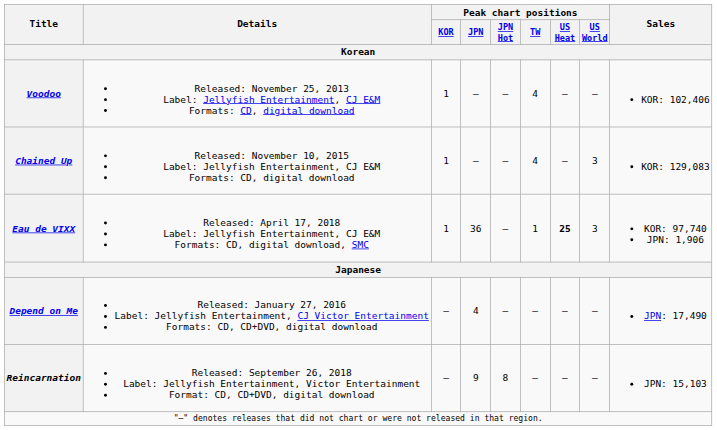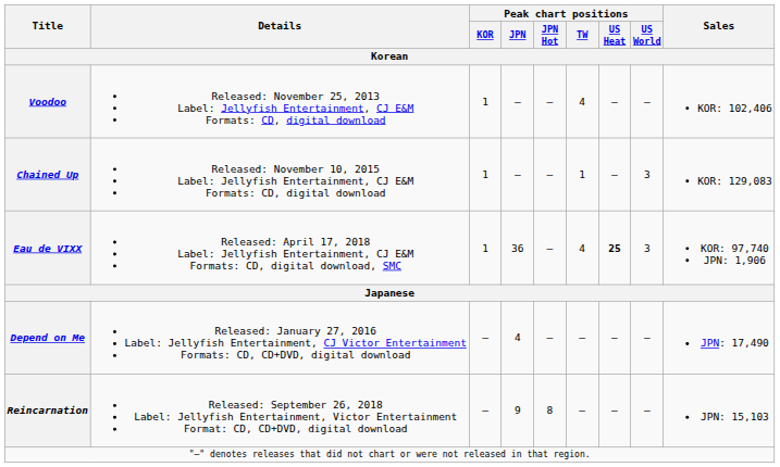 <table class="wikitable plainrowheaders" style="text-align:center;">
 <tr>
 <th scope="col" rowspan="2">Title</th>
 <th scope="col" rowspan="2">Details</th>
 <th scope="col" colspan="6">Peak chart positions</th>
 <th scope="col" rowspan="2">Sales</th>
 </tr>
 <tr>
 <th scope="col" style="width:3em;font-size:90%;"><a href='#'>KOR</a><br></th>
 <th scope="col" style="width:3em;font-size:90%"><a href='#'>JPN</a><br></th>
 <th scope="col" style="width:3em;font-size:90%;"><a href='#'>JPN<br>Hot</a><br></th>
 <th scope="col" style="width:3em;font-size:90%;"><a href='#'>TW</a><br></th>
 <th scope="col" style="width:3em;font-size:90%;"><a href='#'>US<br>Heat</a><br></th>
 <th scope="col" style="width:3em;font-size:90%;"><a href='#'>US<br>World</a><br></th>
 </tr>
 <tr>
 <th colspan="10">Korean</th>
 </tr>
 <tr>
 <th scope="row"><em><a href='#'>Voodoo</a></em></th>
 <td><br><ul><li>Released: November 25, 2013</li><li>Label: <a href='#'>Jellyfish Entertainment</a>, <a href='#'>CJ E&M</a></li><li>Formats: <a href='#'>CD</a>, <a href='#'>digital download</a></li></ul></td>
 <td>1</td>
 <td>—</td>
 <td>—</td>
 <td>4</td>
 <td>—</td>
 <td>—</td>
 <td><br><ul><li>KOR: 102,406</li></ul></td>
 </tr>
 <tr>
 <th scope="row"><em><a href='#'>Chained Up</a></em></th>
 <td><br><ul><li>Released: November 10, 2015</li><li>Label: Jellyfish Entertainment, CJ E&M</li><li>Formats: CD, digital download</li></ul></td>
 <td>1</td>
 <td>—</td>
 <td>—</td>
-<td>4</td>
+<td>1</td>
 <td>—</td>
 <td>3</td>
 <td><br><ul><li>KOR: 129,083</li></ul></td>
 </tr>
 <tr>
 <th scope="row"><em><a href='#'>Eau de VIXX</a></em></th>
 <td><br><ul><li>Released: April 17, 2018</li><li>Label: Jellyfish Entertainment, CJ E&M</li><li>Formats: CD, digital download, <a href='#'>SMC</a></li></ul></td>
 <td>1</td>
 <td>36</td>
 <td>—</td>
-<td>1</td>
+<td>4</td>
 <td><strong>25</strong></td>
 <td>3</td>
 <td><br><ul><li>KOR: 97,740</li><li>JPN: 1,906</li></ul></td>
 </tr>
 <tr>
 <th colspan="10">Japanese</th>
 </tr>
 <tr>
 <th scope="row"><em><a href='#'>Depend on Me</a></em></th>
 <td><br><ul><li>Released: January 27, 2016</li><li>Label: Jellyfish Entertainment, <a href='#'>CJ Victor Entertainment</a></li><li>Formats: CD, CD+DVD, digital download</li></ul></td>
 <td>—</td>
 <td>4</td>
 <td>—</td>
 <td>—</td>
 <td>—</td>
 <td>—</td>
 <td><br><ul><li><a href='#'>JPN</a>: 17,490</li></ul></td>
 </tr>
 <tr>
 <th scope="row"><em>Reincarnation</em></th>
 <td><br><ul><li>Released: September 26, 2018</li><li>Label: Jellyfish Entertainment, Victor Entertainment</li><li>Format: CD, CD+DVD, digital download</li></ul></td>
 <td>—</td>
 <td>9</td>
 <td>8</td>
 <td>—</td>
 <td>—</td>
 <td>—</td>
 <td><br><ul><li>JPN: 15,103</li></ul></td>
 </tr>
 <tr>
 <td colspan="10" style="font-size:85%">"—" denotes releases that did not chart or were not released in that region.</td>
 </tr>
 </table>
